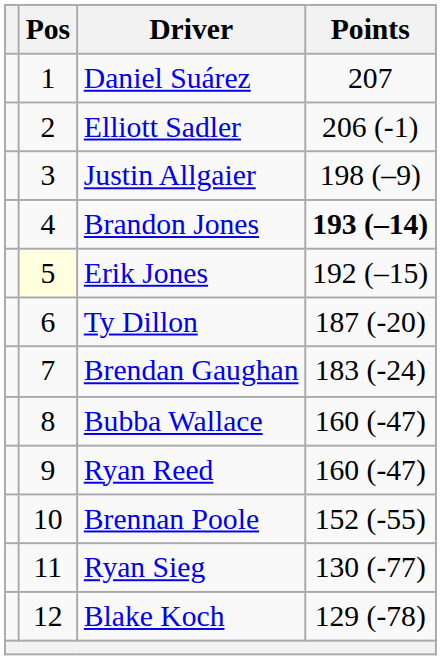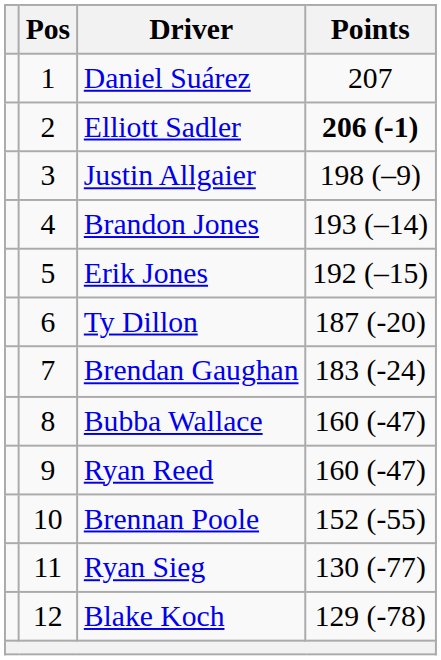 <table class="wikitable" style="font-size: 95%;">
 <tr>
 <th></th>
 <th>Pos</th>
 <th>Driver</th>
 <th>Points</th>
 </tr>
 <tr>
 <td align="left"></td>
 <td style="text-align:center;">1</td>
 <td><a href='#'>Daniel Suárez</a></td>
 <td style="text-align:center;">207</td>
 </tr>
 <tr>
 <td align="left"></td>
 <td style="text-align:center;">2</td>
 <td><a href='#'>Elliott Sadler</a></td>
-<td style="text-align:center;">206 (-1)</td>
+<td style="text-align:center;"><strong>206 (-1)</strong></td>
 </tr>
 <tr>
 <td align="left"></td>
 <td style="text-align:center;">3</td>
 <td><a href='#'>Justin Allgaier</a></td>
 <td style="text-align:center;">198 (–9)</td>
 </tr>
 <tr>
 <td align="left"></td>
 <td style="text-align:center;">4</td>
 <td><a href='#'>Brandon Jones</a></td>
-<td style="text-align:center;"><strong>193 (–14)</strong></td>
+<td style="text-align:center;">193 (–14)</td>
 </tr>
 <tr>
 <td align="left"></td>
-<td style="background: lightyellow; text-align:center;">5</td>
+<td style="text-align:center;">5</td>
 <td><a href='#'>Erik Jones</a></td>
 <td style="text-align:center;">192 (–15)</td>
 </tr>
 <tr>
 <td align="left"></td>
 <td style="text-align:center;">6</td>
 <td><a href='#'>Ty Dillon</a></td>
 <td style="text-align:center;">187 (-20)</td>
 </tr>
 <tr>
 <td align="left"></td>
 <td style="text-align:center;">7</td>
 <td><a href='#'>Brendan Gaughan</a></td>
 <td style="text-align:center;">183 (-24)</td>
 </tr>
 <tr>
 <td align="left"></td>
 <td style="text-align:center;">8</td>
 <td><a href='#'>Bubba Wallace</a></td>
 <td style="text-align:center;">160 (-47)</td>
 </tr>
 <tr>
 <td align="left"></td>
 <td style="text-align:center;">9</td>
 <td><a href='#'>Ryan Reed</a></td>
 <td style="text-align:center;">160 (-47)</td>
 </tr>
 <tr>
 <td align="left"></td>
 <td style="text-align:center;">10</td>
 <td><a href='#'>Brennan Poole</a></td>
 <td style="text-align:center;">152 (-55)</td>
 </tr>
 <tr>
 <td align="left"></td>
 <td style="text-align:center;">11</td>
 <td><a href='#'>Ryan Sieg</a></td>
 <td style="text-align:center;">130 (-77)</td>
 </tr>
 <tr>
 <td align="left"></td>
 <td style="text-align:center;">12</td>
 <td><a href='#'>Blake Koch</a></td>
 <td style="text-align:center;">129 (-78)</td>
 </tr>
 <tr class="sortbottom">
 <th colspan="9"></th>
 </tr>
 </table>
